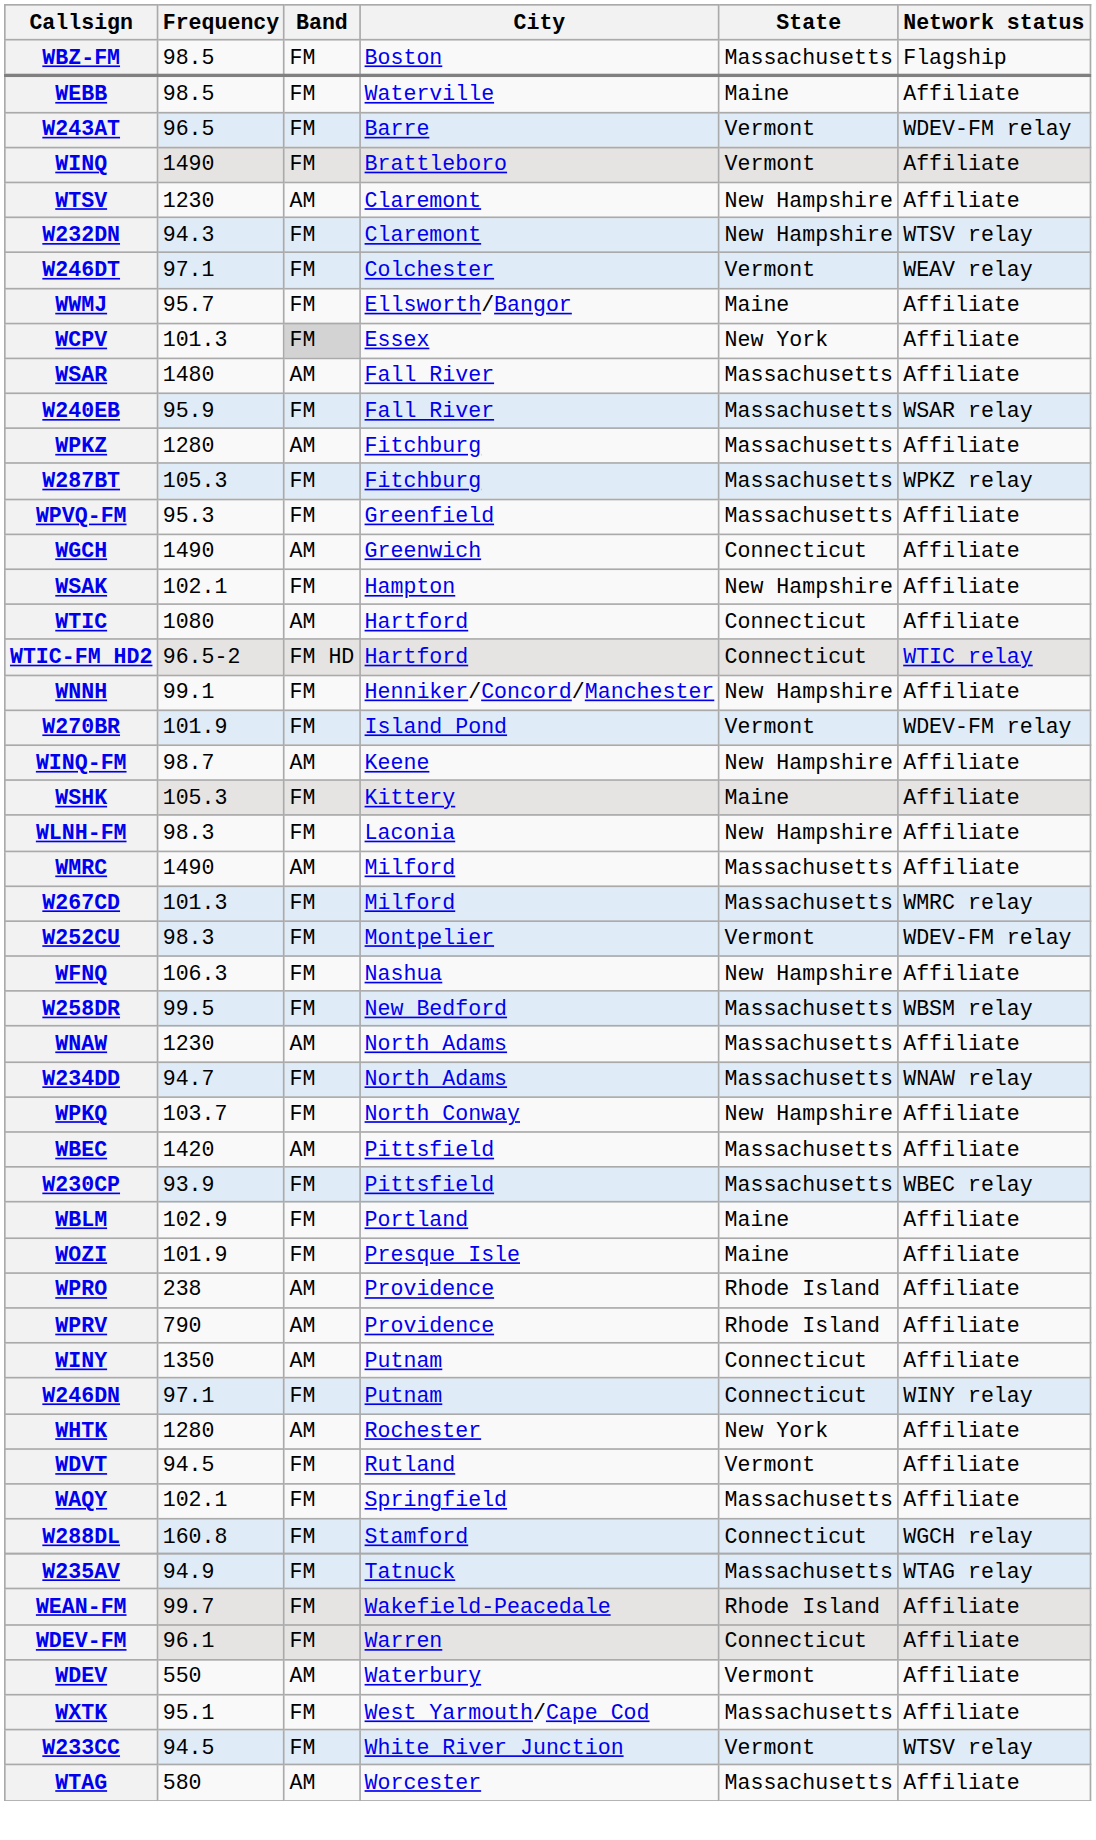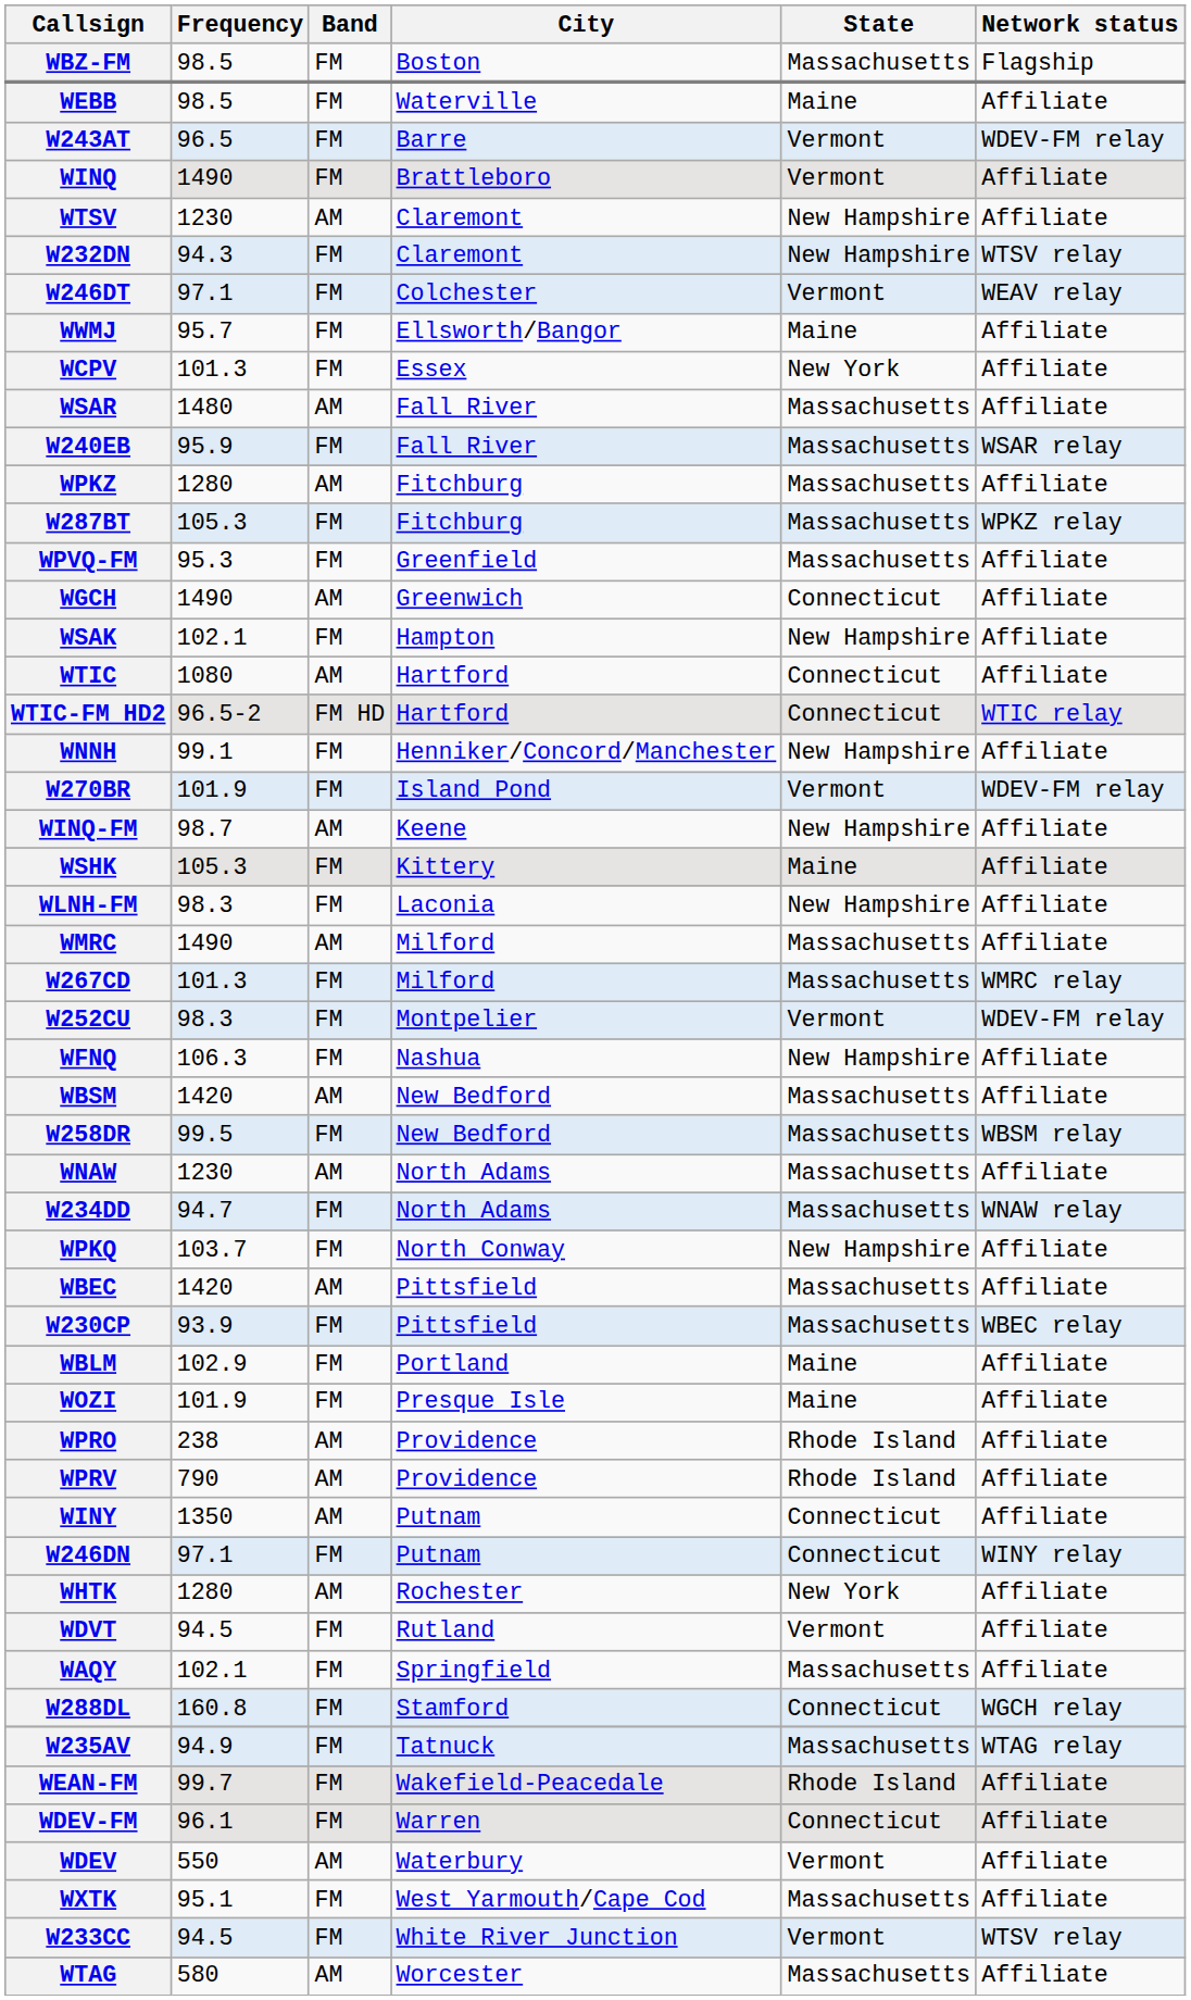 <table class="wikitable sortable">
 <tr>
 <th scope="col">Callsign</th>
 <th scope="col">Frequency</th>
 <th scope="col">Band</th>
 <th scope="col">City</th>
 <th scope="col">State</th>
 <th scope="col">Network status</th>
 </tr>
 <tr style="border-bottom: 2px solid grey">
 <th scope = "row"><a href='#'>WBZ-FM</a></th>
 <td data-sort-value=098500>98.5</td>
 <td>FM</td>
 <td><a href='#'>Boston</a></td>
 <td>Massachusetts</td>
 <td>Flagship</td>
 </tr>
 <tr>
 <th scope = "row"><a href='#'>WEBB</a></th>
 <td data-sort-value=098500>98.5</td>
 <td>FM</td>
 <td><a href='#'>Waterville</a></td>
 <td>Maine</td>
 <td>Affiliate</td>
 </tr>
 <tr style="background-color:#DFEBF6;">
 <th scope = "row"><a href='#'>W243AT</a></th>
 <td data-sort-value=096590>96.5</td>
 <td>FM</td>
 <td><a href='#'>Barre</a></td>
 <td>Vermont</td>
 <td>WDEV-FM relay</td>
 </tr>
 <tr style="background-color:#E5E4E2;">
 <th scope = "row"><a href='#'>WINQ</a></th>
 <td data-sort-value=001490>1490</td>
 <td>FM</td>
 <td><a href='#'>Brattleboro</a></td>
 <td>Vermont</td>
 <td>Affiliate</td>
 </tr>
 <tr>
 <th scope = "row"><a href='#'>WTSV</a></th>
 <td data-sort-value=001230>1230</td>
 <td>AM</td>
 <td><a href='#'>Claremont</a></td>
 <td>New Hampshire</td>
 <td>Affiliate</td>
 </tr>
 <tr style="background-color:#DFEBF6;">
 <th scope = "row"><a href='#'>W232DN</a></th>
 <td data-sort-value=094390>94.3</td>
 <td>FM</td>
 <td><a href='#'>Claremont</a></td>
 <td>New Hampshire</td>
 <td>WTSV relay</td>
 </tr>
 <tr style="background-color:#DFEBF6;">
 <th scope = "row"><a href='#'>W246DT</a></th>
 <td data-sort-value=097191>97.1</td>
 <td>FM</td>
 <td><a href='#'>Colchester</a></td>
 <td>Vermont</td>
 <td>WEAV relay</td>
 </tr>
 <tr>
 <th scope = "row"><a href='#'>WWMJ</a></th>
 <td data-sort-value=095700>95.7</td>
 <td>FM</td>
 <td><a href='#'>Ellsworth</a>/<a href='#'>Bangor</a></td>
 <td>Maine</td>
 <td>Affiliate</td>
 </tr>
 <tr>
 <th scope = "row"><a href='#'>WCPV</a></th>
 <td data-sort-value=101300>101.3</td>
-<td style="background: lightgrey;">FM</td>
+<td>FM</td>
 <td><a href='#'>Essex</a></td>
 <td>New York</td>
 <td>Affiliate</td>
 </tr>
 <tr>
 <th scope = "row"><a href='#'>WSAR</a></th>
 <td data-sort-value=001480>1480</td>
 <td>AM</td>
 <td><a href='#'>Fall River</a></td>
 <td>Massachusetts</td>
 <td>Affiliate</td>
 </tr>
 <tr style="background-color:#DFEBF6;">
 <th scope = "row"><a href='#'>W240EB</a></th>
 <td data-sort-value=095990>95.9</td>
 <td>FM</td>
 <td><a href='#'>Fall River</a></td>
 <td>Massachusetts</td>
 <td>WSAR relay</td>
 </tr>
 <tr>
 <th scope = "row"><a href='#'>WPKZ</a></th>
 <td data-sort-value=001280>1280</td>
 <td>AM</td>
 <td><a href='#'>Fitchburg</a></td>
 <td>Massachusetts</td>
 <td>Affiliate</td>
 </tr>
 <tr style="background-color:#DFEBF6;">
 <th scope = "row"><a href='#'>W287BT</a></th>
 <td data-sort-value=105390>105.3</td>
 <td>FM</td>
 <td><a href='#'>Fitchburg</a></td>
 <td>Massachusetts</td>
 <td>WPKZ relay</td>
 </tr>
 <tr>
 <th scope = "row"><a href='#'>WPVQ-FM</a></th>
 <td data-sort-value=095300>95.3</td>
 <td>FM</td>
 <td><a href='#'>Greenfield</a></td>
 <td>Massachusetts</td>
 <td>Affiliate</td>
 </tr>
 <tr>
 <th scope = "row"><a href='#'>WGCH</a></th>
 <td data-sort-value=001490>1490</td>
 <td>AM</td>
 <td><a href='#'>Greenwich</a></td>
 <td>Connecticut</td>
 <td>Affiliate</td>
 </tr>
 <tr>
 <th scope = "row"><a href='#'>WSAK</a></th>
 <td data-sort-value=102100>102.1</td>
 <td>FM</td>
 <td><a href='#'>Hampton</a></td>
 <td>New Hampshire</td>
 <td>Affiliate</td>
 </tr>
 <tr>
 <th scope = "row"><a href='#'>WTIC</a></th>
 <td data-sort-value=001080>1080</td>
 <td>AM</td>
 <td><a href='#'>Hartford</a></td>
 <td>Connecticut</td>
 <td>Affiliate</td>
 </tr>
 <tr style="background-color:#E5E4E2;">
 <th scope = "row"><a href='#'>WTIC-FM HD2</a></th>
 <td data-sort-value=096520>96.5-2</td>
 <td>FM HD</td>
 <td><a href='#'>Hartford</a></td>
 <td>Connecticut</td>
 <td><a href='#'>WTIC relay</a></td>
 </tr>
 <tr>
 <th scope = "row"><a href='#'>WNNH</a></th>
 <td data-sort-value=099100>99.1</td>
 <td>FM</td>
 <td><a href='#'>Henniker</a>/<a href='#'>Concord</a>/<a href='#'>Manchester</a></td>
 <td>New Hampshire</td>
 <td>Affiliate</td>
 </tr>
 <tr style="background-color:#DFEBF6;">
 <th scope = "row"><a href='#'>W270BR</a></th>
 <td data-sort-value=101990>101.9</td>
 <td>FM</td>
 <td><a href='#'>Island Pond</a></td>
 <td>Vermont</td>
 <td>WDEV-FM relay</td>
 </tr>
 <tr>
 <th scope = "row"><a href='#'>WINQ-FM</a></th>
 <td data-sort-value=098700>98.7</td>
 <td>AM</td>
 <td><a href='#'>Keene</a></td>
 <td>New Hampshire</td>
 <td>Affiliate</td>
 </tr>
 <tr style="background-color:#E5E4E2;">
 <th scope = "row"><a href='#'>WSHK</a></th>
 <td data-sort-value=105300>105.3</td>
 <td>FM</td>
 <td><a href='#'>Kittery</a></td>
 <td>Maine</td>
 <td>Affiliate</td>
 </tr>
 <tr>
 <th scope = "row"><a href='#'>WLNH-FM</a></th>
 <td data-sort-value=098300>98.3</td>
 <td>FM</td>
 <td><a href='#'>Laconia</a></td>
 <td>New Hampshire</td>
 <td>Affiliate</td>
 </tr>
 <tr>
 <th scope = "row"><a href='#'>WMRC</a></th>
 <td data-sort-value=001490>1490</td>
 <td>AM</td>
 <td><a href='#'>Milford</a></td>
 <td>Massachusetts</td>
 <td>Affiliate</td>
 </tr>
 <tr style="background-color:#DFEBF6;">
 <th scope = "row"><a href='#'>W267CD</a></th>
 <td data-sort-value=101390>101.3</td>
 <td>FM</td>
 <td><a href='#'>Milford</a></td>
 <td>Massachusetts</td>
 <td>WMRC relay</td>
 </tr>
 <tr style="background-color:#DFEBF6;">
 <th scope = "row"><a href='#'>W252CU</a></th>
 <td data-sort-value=098390>98.3</td>
 <td>FM</td>
 <td><a href='#'>Montpelier</a></td>
 <td>Vermont</td>
 <td>WDEV-FM relay</td>
 </tr>
 <tr>
 <th scope = "row"><a href='#'>WFNQ</a></th>
 <td data-sort-value=106300>106.3</td>
 <td>FM</td>
 <td><a href='#'>Nashua</a></td>
 <td>New Hampshire</td>
+<td>Affiliate</td>
+</tr>
+<tr>
+<th scope = "row"><a href='#'>WBSM</a></th>
+<td data-sort-value=001420>1420</td>
+<td>AM</td>
+<td><a href='#'>New Bedford</a></td>
+<td>Massachusetts</td>
 <td>Affiliate</td>
 </tr>
 <tr style="background-color:#DFEBF6;">
 <th scope = "row"><a href='#'>W258DR</a></th>
 <td data-sort-value=099590>99.5</td>
 <td>FM</td>
 <td><a href='#'>New Bedford</a></td>
 <td>Massachusetts</td>
 <td>WBSM relay</td>
 </tr>
 <tr>
 <th scope = "row"><a href='#'>WNAW</a></th>
 <td data-sort-value=001230>1230</td>
 <td>AM</td>
 <td><a href='#'>North Adams</a></td>
 <td>Massachusetts</td>
 <td>Affiliate</td>
 </tr>
 <tr style="background-color:#DFEBF6;">
 <th scope = "row"><a href='#'>W234DD</a></th>
 <td data-sort-value=094790>94.7</td>
 <td>FM</td>
 <td><a href='#'>North Adams</a></td>
 <td>Massachusetts</td>
 <td>WNAW relay</td>
 </tr>
 <tr>
 <th scope = "row"><a href='#'>WPKQ</a></th>
 <td data-sort-value=103700>103.7</td>
 <td>FM</td>
 <td><a href='#'>North Conway</a></td>
 <td>New Hampshire</td>
 <td>Affiliate</td>
 </tr>
 <tr>
 <th scope = "row"><a href='#'>WBEC</a></th>
 <td>1420</td>
 <td>AM</td>
 <td><a href='#'>Pittsfield</a></td>
 <td>Massachusetts</td>
 <td>Affiliate</td>
 </tr>
 <tr style="background-color:#DFEBF6;">
 <th scope = "row"><a href='#'>W230CP</a></th>
 <td data-sort-value=093990>93.9</td>
 <td>FM</td>
 <td><a href='#'>Pittsfield</a></td>
 <td>Massachusetts</td>
 <td>WBEC relay</td>
 </tr>
 <tr>
 <th scope = "row"><a href='#'>WBLM</a></th>
 <td data-sort-value=102900>102.9</td>
 <td>FM</td>
 <td><a href='#'>Portland</a></td>
 <td>Maine</td>
 <td>Affiliate</td>
 </tr>
 <tr>
 <th scope = "row"><a href='#'>WOZI</a></th>
 <td data-sort-value=101900>101.9</td>
 <td>FM</td>
 <td><a href='#'>Presque Isle</a></td>
 <td>Maine</td>
 <td>Affiliate</td>
 </tr>
 <tr>
 <th scope = "row"><a href='#'>WPRO</a></th>
 <td data-sort-value=000630>238</td>
 <td>AM</td>
 <td><a href='#'>Providence</a></td>
 <td>Rhode Island</td>
 <td>Affiliate</td>
 </tr>
 <tr>
 <th scope = "row"><a href='#'>WPRV</a></th>
 <td data-sort-value=000790>790</td>
 <td>AM</td>
 <td><a href='#'>Providence</a></td>
 <td>Rhode Island</td>
 <td>Affiliate</td>
 </tr>
 <tr>
 <th scope = "row"><a href='#'>WINY</a></th>
 <td data-sort-value=001350>1350</td>
 <td>AM</td>
 <td><a href='#'>Putnam</a></td>
 <td>Connecticut</td>
 <td>Affiliate</td>
 </tr>
 <tr style="background-color:#DFEBF6;">
 <th scope = "row"><a href='#'>W246DN</a></th>
 <td data-sort-value=097190>97.1</td>
 <td>FM</td>
 <td><a href='#'>Putnam</a></td>
 <td>Connecticut</td>
 <td>WINY relay</td>
 </tr>
 <tr>
 <th scope = "row"><a href='#'>WHTK</a></th>
 <td data-sort-value=001280>1280</td>
 <td>AM</td>
 <td><a href='#'>Rochester</a></td>
 <td>New York</td>
 <td>Affiliate</td>
 </tr>
 <tr>
 <th scope = "row"><a href='#'>WDVT</a></th>
 <td data-sort-value=094500>94.5</td>
 <td>FM</td>
 <td><a href='#'>Rutland</a></td>
 <td>Vermont</td>
 <td>Affiliate</td>
 </tr>
 <tr>
 <th scope = "row"><a href='#'>WAQY</a></th>
 <td data-sort-value=102100>102.1</td>
 <td>FM</td>
 <td><a href='#'>Springfield</a></td>
 <td>Massachusetts</td>
 <td>Affiliate</td>
 </tr>
 <tr style="background-color:#DFEBF6;">
 <th scope = "row"><a href='#'>W288DL</a></th>
 <td data-sort-value=105590>160.8</td>
 <td>FM</td>
 <td><a href='#'>Stamford</a></td>
 <td>Connecticut</td>
 <td>WGCH relay</td>
 </tr>
 <tr>
 </tr>
 <tr style="background-color:#DFEBF6;">
 <th scope = "row"><a href='#'>W235AV</a></th>
 <td data-sort-value=094990>94.9</td>
 <td>FM</td>
 <td><a href='#'>Tatnuck</a></td>
 <td>Massachusetts</td>
 <td>WTAG relay</td>
 </tr>
 <tr style="background-color:#E5E4E2;">
 <th scope = "row"><a href='#'>WEAN-FM</a></th>
 <td data-sort-value=099700>99.7</td>
 <td>FM</td>
 <td><a href='#'>Wakefield-Peacedale</a></td>
 <td>Rhode Island</td>
 <td>Affiliate</td>
 </tr>
 <tr style="background-color:#E5E4E2;">
 <th scope = "row"><a href='#'>WDEV-FM</a></th>
 <td data-sort-value=096100>96.1</td>
 <td>FM</td>
 <td><a href='#'>Warren</a></td>
 <td>Connecticut</td>
 <td>Affiliate</td>
 </tr>
 <tr>
 <th scope = "row"><a href='#'>WDEV</a></th>
 <td data-sort-value=000550>550</td>
 <td>AM</td>
 <td><a href='#'>Waterbury</a></td>
 <td>Vermont</td>
 <td>Affiliate</td>
 </tr>
 <tr>
 <th scope = "row"><a href='#'>WXTK</a></th>
 <td data-sort-value=095100>95.1</td>
 <td>FM</td>
 <td><a href='#'>West Yarmouth</a>/<a href='#'>Cape Cod</a></td>
 <td>Massachusetts</td>
 <td>Affiliate</td>
 </tr>
 <tr style="background-color:#DFEBF6;">
 <th scope = "row"><a href='#'>W233CC</a></th>
 <td data-sort-value=094590>94.5</td>
 <td>FM</td>
 <td><a href='#'>White River Junction</a></td>
 <td>Vermont</td>
 <td>WTSV relay</td>
 </tr>
 <tr>
 <th scope = "row"><a href='#'>WTAG</a></th>
 <td data-sort-value=000580>580</td>
 <td>AM</td>
 <td><a href='#'>Worcester</a></td>
 <td>Massachusetts</td>
 <td>Affiliate</td>
 </tr>
 </table>
